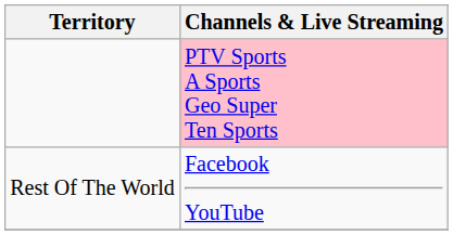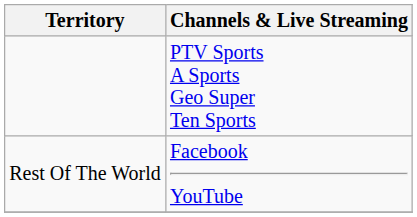 <table class="wikitable sortable">
 <tr>
 <th scope="col" style="width:auto; color:; background:;">Territory</th>
 <th scope="col" style="width:auto; color:; background:;">Channels & Live Streaming</th>
 </tr>
 <tr>
 <td></td>
-<td style="background: pink;"><a href='#'>PTV Sports</a><br><a href='#'>A Sports</a><br><a href='#'>Geo Super</a><br><a href='#'>Ten Sports</a></td>
+<td><a href='#'>PTV Sports</a><br><a href='#'>A Sports</a><br><a href='#'>Geo Super</a><br><a href='#'>Ten Sports</a></td>
 </tr>
 <tr>
 <td>Rest Of The World</td>
 <td><a href='#'>Facebook</a><hr><a href='#'>YouTube</a></td>
 </tr>
 <tr>
 </tr>
 </table>
